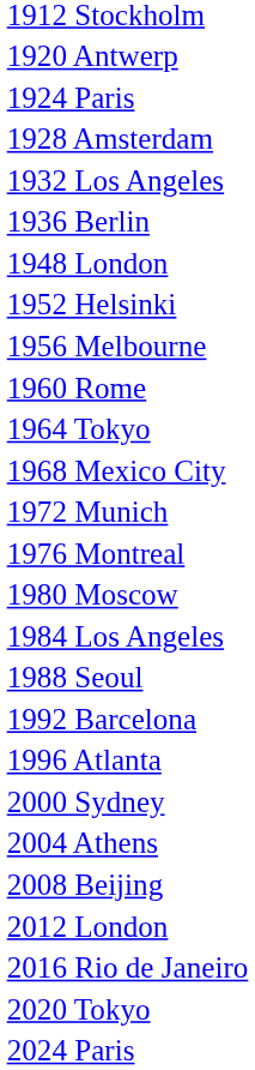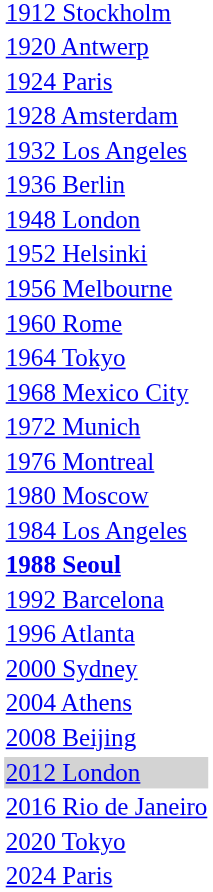 <table>
 <tr>
 <td><a href='#'>1912 Stockholm</a><br></td>
 <td></td>
 <td></td>
 <td></td>
 </tr>
 <tr>
 <td><a href='#'>1920 Antwerp</a><br></td>
 <td></td>
 <td></td>
 <td></td>
 </tr>
 <tr>
 <td><a href='#'>1924 Paris</a><br></td>
 <td></td>
 <td></td>
 <td></td>
 </tr>
 <tr>
 <td><a href='#'>1928 Amsterdam</a><br></td>
 <td></td>
 <td></td>
 <td></td>
 </tr>
 <tr>
 <td><a href='#'>1932 Los Angeles</a><br></td>
 <td></td>
 <td></td>
 <td></td>
 </tr>
 <tr>
 <td><a href='#'>1936 Berlin</a><br></td>
 <td></td>
 <td></td>
 <td></td>
 </tr>
 <tr>
 <td><a href='#'>1948 London</a><br></td>
 <td></td>
 <td></td>
 <td></td>
 </tr>
 <tr>
 <td><a href='#'>1952 Helsinki</a><br></td>
 <td></td>
 <td></td>
 <td></td>
 </tr>
 <tr>
 <td><a href='#'>1956 Melbourne</a><br></td>
 <td></td>
 <td></td>
 <td></td>
 </tr>
 <tr>
 <td><a href='#'>1960 Rome</a><br></td>
 <td></td>
 <td></td>
 <td></td>
 </tr>
 <tr>
 <td><a href='#'>1964 Tokyo</a><br></td>
 <td></td>
 <td></td>
 <td></td>
 </tr>
 <tr>
 <td><a href='#'>1968 Mexico City</a><br></td>
 <td></td>
 <td></td>
 <td></td>
 </tr>
 <tr>
 <td><a href='#'>1972 Munich</a><br></td>
 <td></td>
 <td></td>
 <td></td>
 </tr>
 <tr>
 <td><a href='#'>1976 Montreal</a><br></td>
 <td></td>
 <td></td>
 <td></td>
 </tr>
 <tr>
 <td><a href='#'>1980 Moscow</a><br></td>
 <td></td>
 <td></td>
 <td></td>
 </tr>
 <tr>
 <td><a href='#'>1984 Los Angeles</a><br></td>
 <td></td>
 <td></td>
 <td></td>
 </tr>
 <tr>
-<td><a href='#'>1988 Seoul</a><br></td>
+<td><strong><a href='#'>1988 Seoul</a><br></strong></td>
 <td></td>
 <td></td>
 <td></td>
 </tr>
 <tr>
 <td><a href='#'>1992 Barcelona</a><br></td>
 <td></td>
 <td></td>
 <td></td>
 </tr>
 <tr>
 <td><a href='#'>1996 Atlanta</a><br></td>
 <td></td>
 <td></td>
 <td></td>
 </tr>
 <tr>
 <td><a href='#'>2000 Sydney</a><br></td>
 <td></td>
 <td></td>
 <td></td>
 </tr>
 <tr>
 <td><a href='#'>2004 Athens</a><br></td>
 <td></td>
 <td></td>
 <td></td>
 </tr>
 <tr>
 <td><a href='#'>2008 Beijing</a><br></td>
 <td></td>
 <td></td>
 <td></td>
 </tr>
 <tr>
-<td><a href='#'>2012 London</a><br></td>
+<td style="background: lightgrey;"><a href='#'>2012 London</a><br></td>
 <td></td>
 <td></td>
 <td></td>
 </tr>
 <tr>
 <td><a href='#'>2016 Rio de Janeiro</a><br></td>
 <td></td>
 <td></td>
 <td></td>
 </tr>
 <tr>
 <td><a href='#'>2020 Tokyo</a><br></td>
 <td></td>
 <td></td>
 <td></td>
 </tr>
 <tr>
 <td><a href='#'>2024 Paris</a><br></td>
 <td></td>
 <td></td>
 <td></td>
 </tr>
 <tr>
 </tr>
 </table>
